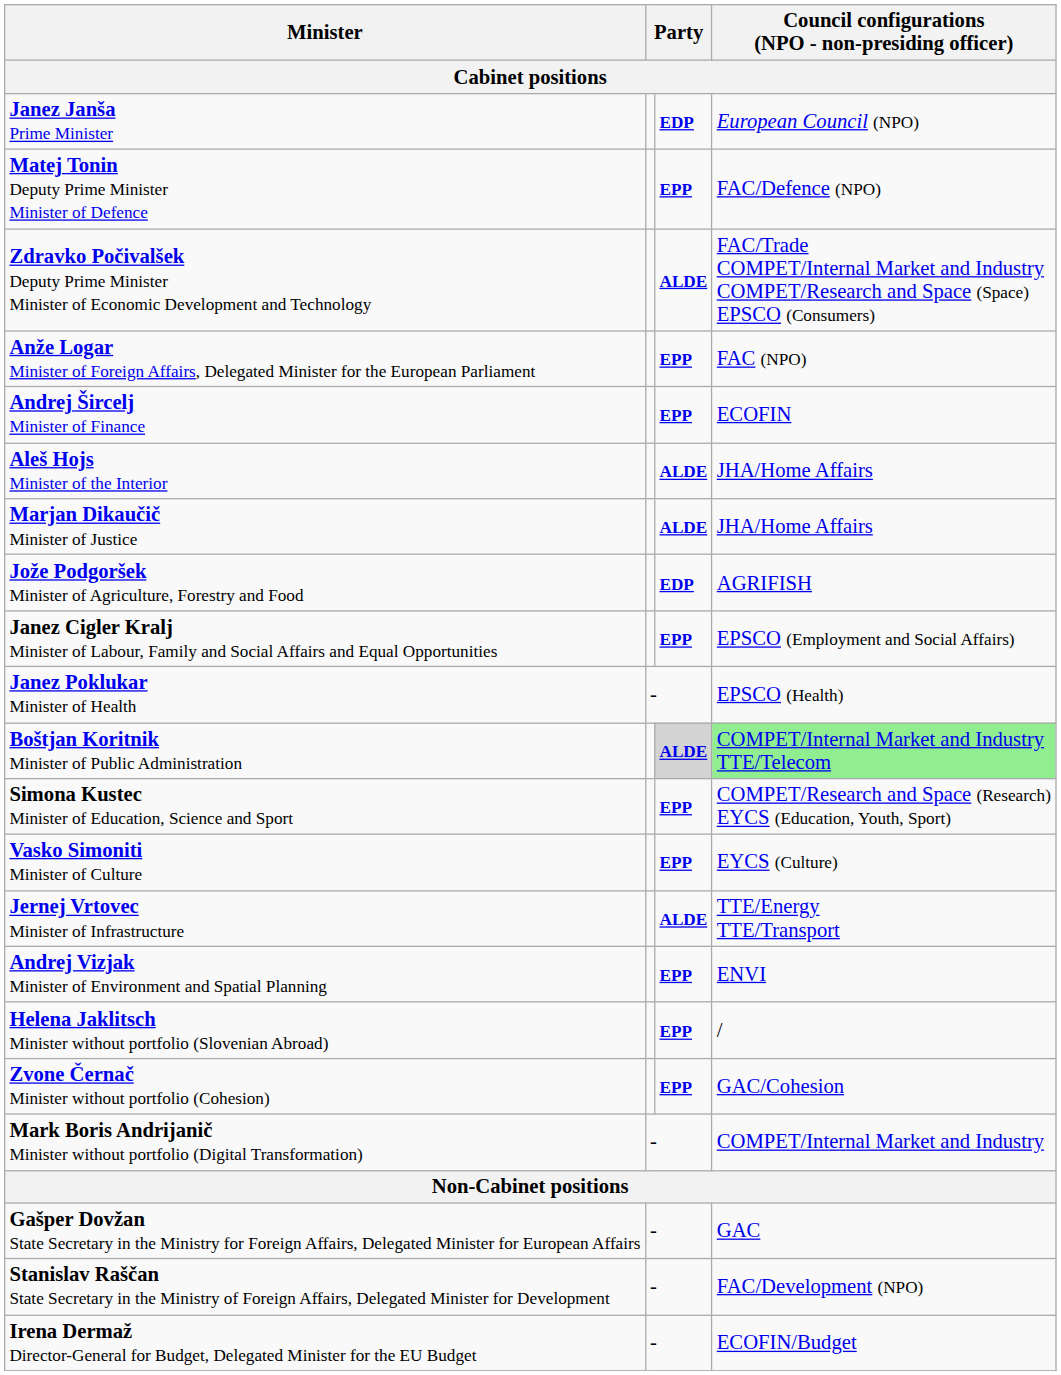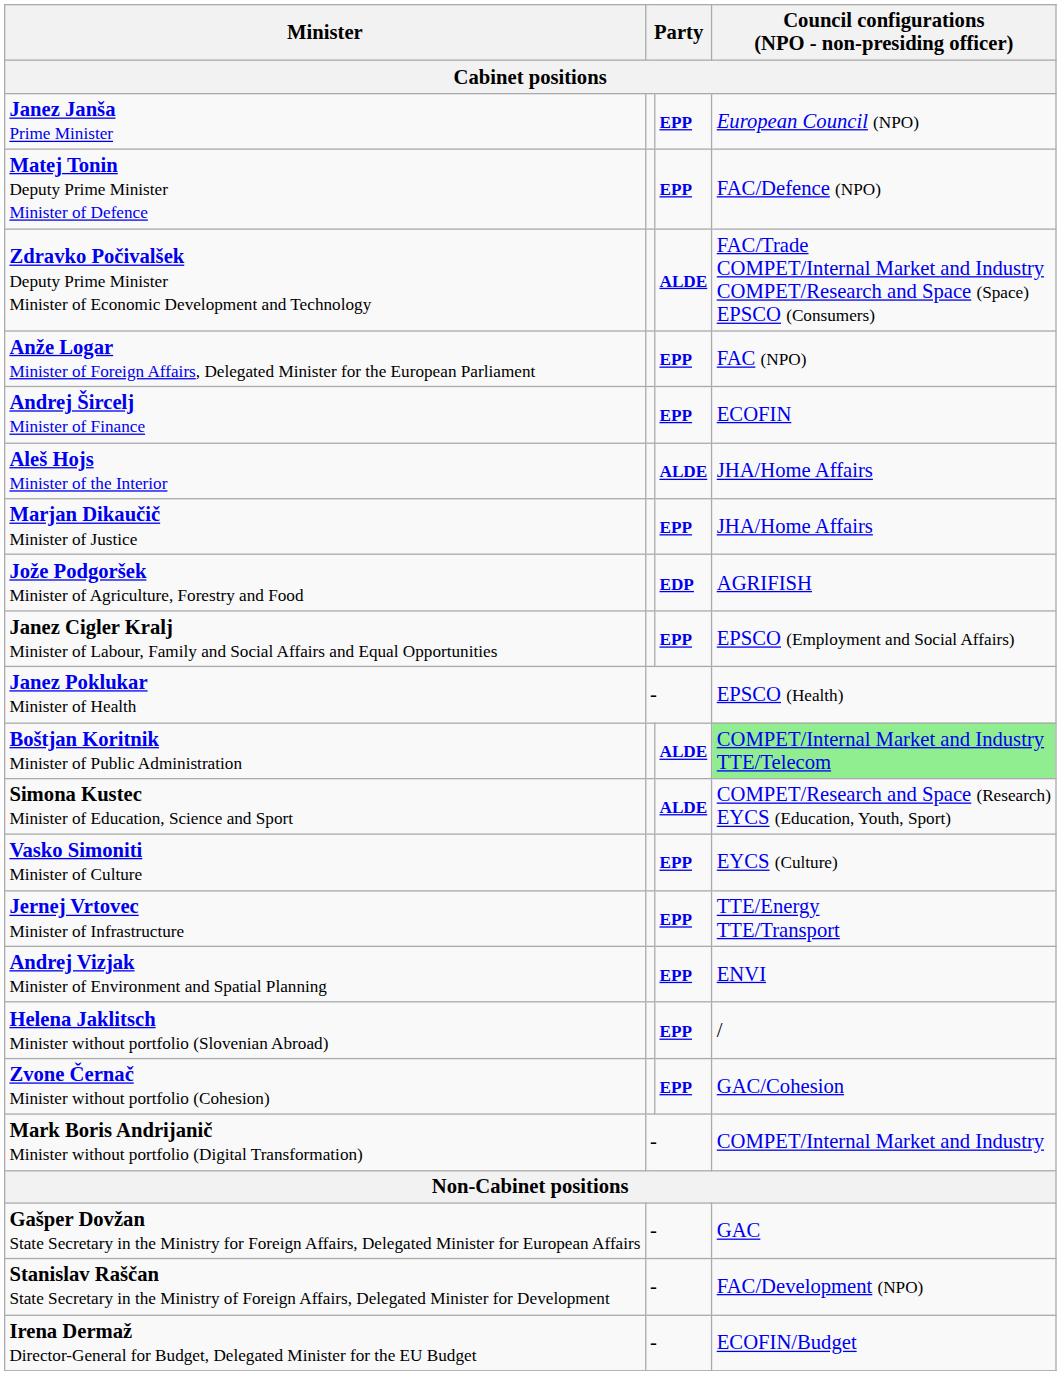 <table class="wikitable">
 <tr>
 <th>Minister</th>
 <th colspan="2">Party</th>
 <th>Council configurations<br>(NPO - non-presiding officer)</th>
 </tr>
 <tr>
 <th colspan="4">Cabinet positions</th>
 </tr>
 <tr>
 <td><strong><a href='#'>Janez Janša</a></strong><br><a href='#'><small>Prime Minister</small></a></td>
 <td style="background-color:"></td>
-<td><small><strong><a href='#'>EDP</a></strong></small></td>
+<td><strong><small><a href='#'>EPP</a></small></strong></td>
 <td><em><a href='#'>European Council</a></em> <small>(NPO)</small></td>
 </tr>
 <tr>
 <td><strong><a href='#'>Matej Tonin</a></strong><br><small>Deputy Prime Minister</small><br><a href='#'><small>Minister of Defence</small></a></td>
 <td style="background-color:"></td>
 <td><strong><small><a href='#'>EPP</a></small></strong></td>
 <td><a href='#'>FAC/Defence</a> <small>(NPO)</small></td>
 </tr>
 <tr>
 <td><strong><a href='#'>Zdravko Počivalšek</a></strong><br><small>Deputy Prime Minister</small><br><small>Minister of Economic Development and Technology</small></td>
 <td style="background-color:"></td>
 <td><strong><small><a href='#'>ALDE</a></small></strong></td>
 <td><a href='#'>FAC/Trade</a><br><a href='#'>COMPET/Internal Market and Industry</a><br><a href='#'>COMPET/Research and Space</a> <small>(Space)</small><br><a href='#'>EPSCO</a> <small>(Consumers)</small></td>
 </tr>
 <tr>
 <td><strong><a href='#'>Anže Logar</a></strong><br><small><a href='#'>Minister of Foreign Affairs</a>, Delegated Minister for the European Parliament</small></td>
 <td style="background-color:"></td>
 <td><strong><small><a href='#'>EPP</a></small></strong></td>
 <td><a href='#'>FAC</a> <small>(NPO)</small></td>
 </tr>
 <tr>
 <td><strong><a href='#'>Andrej Šircelj</a></strong><br><small><a href='#'>Minister of Finance</a></small></td>
 <td style="background-color:"></td>
 <td><strong><small><a href='#'>EPP</a></small></strong></td>
 <td><a href='#'>ECOFIN</a></td>
 </tr>
 <tr>
 <td><strong><a href='#'>Aleš Hojs</a></strong><br><a href='#'><small>Minister of the Interior</small></a></td>
 <td style="background-color:"></td>
 <td><strong><small><a href='#'>ALDE</a></small></strong></td>
 <td><a href='#'>JHA/Home Affairs</a></td>
 </tr>
 <tr>
 <td><strong><a href='#'>Marjan Dikaučič</a></strong><br><small>Minister of Justice</small></td>
 <td style="background-color:"></td>
-<td><strong><small><a href='#'>ALDE</a></small></strong></td>
+<td><strong><small><a href='#'>EPP</a></small></strong></td>
 <td><a href='#'>JHA/Home Affairs</a></td>
 </tr>
 <tr>
 <td><strong><a href='#'>Jože Podgoršek</a></strong><br><small>Minister of Agriculture, Forestry and Food</small></td>
 <td style="background-color:"></td>
 <td><small><strong><a href='#'>EDP</a></strong></small></td>
 <td><a href='#'>AGRIFISH</a></td>
 </tr>
 <tr>
 <td><strong>Janez Cigler Kralj</strong><br><small>Minister of Labour, Family and Social Affairs and Equal Opportunities</small></td>
 <td style="background-color:"></td>
 <td><strong><small><a href='#'>EPP</a></small></strong></td>
 <td><a href='#'>EPSCO</a> <small>(Employment and Social Affairs)</small></td>
 </tr>
 <tr>
 <td><strong><a href='#'>Janez Poklukar</a></strong><br><small>Minister of Health</small></td>
 <td colspan="2">-</td>
 <td><a href='#'>EPSCO</a> <small>(Health)</small></td>
 </tr>
 <tr>
 <td><strong><a href='#'>Boštjan Koritnik</a></strong><br><small>Minister of Public Administration</small></td>
 <td style="background-color:"></td>
-<td style="background: lightgrey;"><strong><small><a href='#'>ALDE</a></small></strong></td>
+<td><strong><small><a href='#'>ALDE</a></small></strong></td>
 <td style="background: lightgreen;"><a href='#'>COMPET/Internal Market and Industry</a><br><a href='#'>TTE/Telecom</a></td>
 </tr>
 <tr>
 <td><strong>Simona Kustec</strong><br><small>Minister of Education, Science and Sport</small></td>
 <td style="background-color:"></td>
-<td><strong><small><a href='#'>EPP</a></small></strong></td>
+<td><strong><small><a href='#'>ALDE</a></small></strong></td>
 <td><a href='#'>COMPET/Research and Space</a> <small>(Research)</small><br><a href='#'>EYCS</a> <small>(Education, Youth, Sport)</small></td>
 </tr>
 <tr>
 <td><strong><a href='#'>Vasko Simoniti</a></strong><br><small>Minister of Culture</small></td>
 <td style="background-color:"></td>
 <td><strong><small><a href='#'>EPP</a></small></strong></td>
 <td><a href='#'>EYCS</a> <small>(Culture)</small></td>
 </tr>
 <tr>
 <td><strong><a href='#'>Jernej Vrtovec</a></strong><br><small>Minister of Infrastructure</small></td>
 <td style="background-color:"></td>
-<td><strong><small><a href='#'>ALDE</a></small></strong></td>
+<td><strong><small><a href='#'>EPP</a></small></strong></td>
 <td><a href='#'>TTE/Energy</a><br><a href='#'>TTE/Transport</a></td>
 </tr>
 <tr>
 <td><strong><a href='#'>Andrej Vizjak</a></strong><br><small>Minister of Environment and Spatial Planning</small></td>
 <td style="background-color:"></td>
 <td><strong><small><a href='#'>EPP</a></small></strong></td>
 <td><a href='#'>ENVI</a></td>
 </tr>
 <tr>
 <td><strong><a href='#'>Helena Jaklitsch</a></strong><br><small>Minister without portfolio (Slovenian Abroad)</small></td>
 <td style="background-color:"></td>
 <td><strong><small><a href='#'>EPP</a></small></strong></td>
 <td>/</td>
 </tr>
 <tr>
 <td><strong><a href='#'>Zvone Černač</a></strong><br><small>Minister without portfolio (Cohesion)</small></td>
 <td style="background-color:"></td>
 <td><strong><small><a href='#'>EPP</a></small></strong></td>
 <td><a href='#'>GAC/Cohesion</a></td>
 </tr>
 <tr>
 <td><strong>Mark Boris Andrijanič</strong><br><small>Minister without portfolio (Digital Transformation)</small></td>
 <td colspan="2">-</td>
 <td><a href='#'>COMPET/Internal Market and Industry</a></td>
 </tr>
 <tr>
 <th colspan="4">Non-Cabinet positions</th>
 </tr>
 <tr>
 <td><strong>Gašper Dovžan</strong><br><small>State Secretary in the Ministry for Foreign Affairs, Delegated Minister for European Affairs</small></td>
 <td colspan="2">-</td>
 <td><a href='#'>GAC</a></td>
 </tr>
 <tr>
 <td><strong>Stanislav Raščan</strong><br><small>State Secretary in the Ministry of Foreign Affairs, Delegated Minister for Development</small></td>
 <td colspan="2">-</td>
 <td><a href='#'>FAC/Development</a> <small>(NPO)</small></td>
 </tr>
 <tr>
 <td><strong>Irena Dermaž</strong><br><small>Director-General for Budget, Delegated Minister for the EU Budget</small></td>
 <td colspan="2">-</td>
 <td><a href='#'>ECOFIN/Budget</a></td>
 </tr>
 </table>
